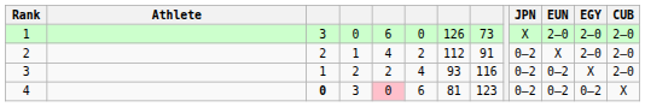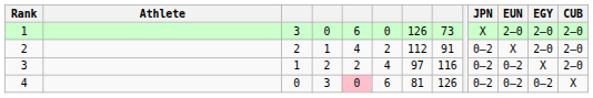 <table class="wikitable" style="text-align:center">
 <tr>
 <th width=40>Rank</th>
 <th width=280>Athlete</th>
 <th width=30></th>
 <th width=30></th>
 <th width=30></th>
 <th width=30></th>
 <th width=30></th>
 <th width=30></th>
 <th rowspan=5></th>
 <th width=30>JPN</th>
 <th width=30>EUN</th>
 <th width=30>EGY</th>
 <th width=30>CUB</th>
 </tr>
 <tr style="background-color:#ccffcc;">
 <td>1</td>
 <td align=left></td>
 <td>3</td>
 <td>0</td>
 <td>6</td>
 <td>0</td>
 <td>126</td>
 <td>73</td>
 <td>X</td>
 <td>2–0</td>
 <td>2–0</td>
 <td>2–0</td>
 </tr>
 <tr>
 <td>2</td>
 <td align=left></td>
 <td>2</td>
 <td>1</td>
 <td>4</td>
 <td>2</td>
 <td>112</td>
 <td>91</td>
 <td>0–2</td>
 <td>X</td>
 <td>2–0</td>
 <td>2–0</td>
 </tr>
 <tr>
 <td>3</td>
 <td align=left></td>
 <td>1</td>
 <td>2</td>
 <td>2</td>
 <td>4</td>
-<td>93</td>
+<td>97</td>
 <td>116</td>
 <td>0–2</td>
 <td>0–2</td>
 <td>X</td>
 <td>2–0</td>
 </tr>
 <tr>
 <td>4</td>
 <td align=left></td>
-<td><strong>0</strong></td>
+<td>0</td>
 <td>3</td>
 <td style="background: pink;">0</td>
 <td>6</td>
 <td>81</td>
-<td>123</td>
+<td>126</td>
 <td>0–2</td>
 <td>0–2</td>
 <td>0–2</td>
 <td>X</td>
 </tr>
 </table>
